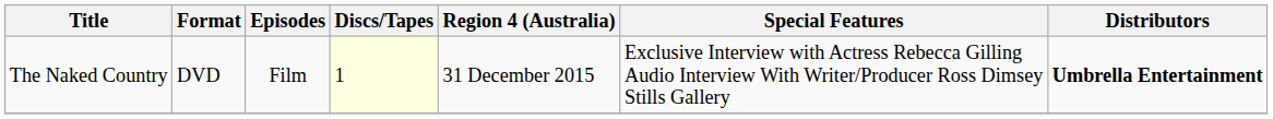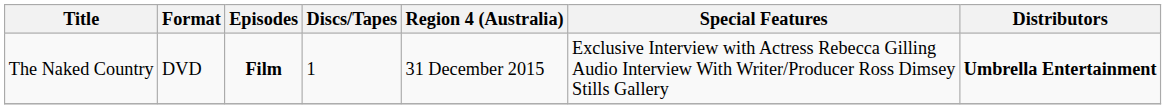 <table class="wikitable">
 <tr>
 <th>Title</th>
 <th>Format</th>
 <th>Episodes</th>
 <th>Discs/Tapes</th>
 <th>Region 4 (Australia)</th>
 <th>Special Features</th>
 <th>Distributors</th>
 </tr>
 <tr>
 <td>The Naked Country</td>
 <td>DVD</td>
-<td style="text-align:center;">Film</td>
-<td style="background: lightyellow;">1</td>
+<td style="text-align:center;"><strong>Film</strong></td>
+<td>1</td>
 <td>31 December 2015</td>
 <td>Exclusive Interview with Actress Rebecca Gilling<br>Audio Interview With Writer/Producer Ross Dimsey<br>Stills Gallery</td>
 <td><strong>Umbrella Entertainment</strong></td>
 </tr>
 <tr>
 </tr>
 </table>
